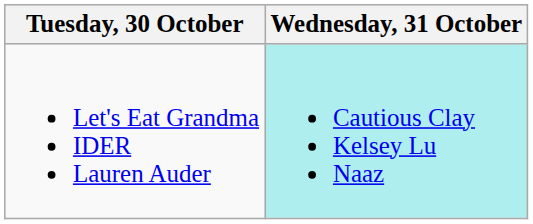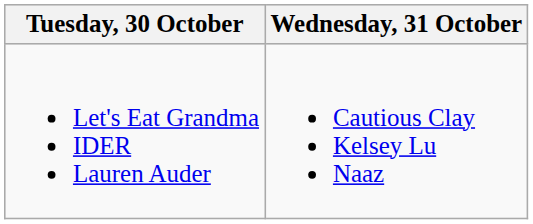 <table class="wikitable">
 <tr>
 <th>Tuesday, 30 October</th>
 <th>Wednesday, 31 October</th>
 </tr>
 <tr valign="top">
 <td><br><ul><li><a href='#'>Let's Eat Grandma</a></li><li><a href='#'>IDER</a></li><li><a href='#'>Lauren Auder</a></li></ul></td>
-<td style="background: paleturquoise;"><br><ul><li><a href='#'>Cautious Clay</a></li><li><a href='#'>Kelsey Lu</a></li><li><a href='#'>Naaz</a></li></ul></td>
+<td><br><ul><li><a href='#'>Cautious Clay</a></li><li><a href='#'>Kelsey Lu</a></li><li><a href='#'>Naaz</a></li></ul></td>
 </tr>
 </table>
